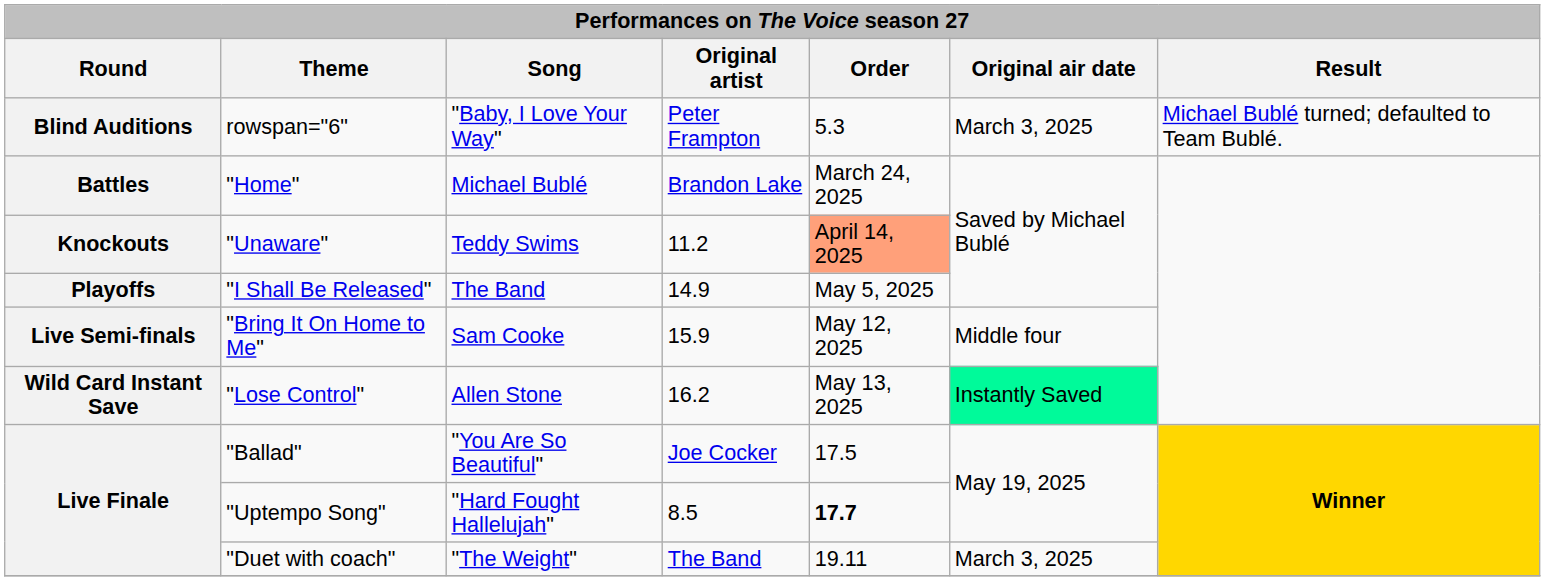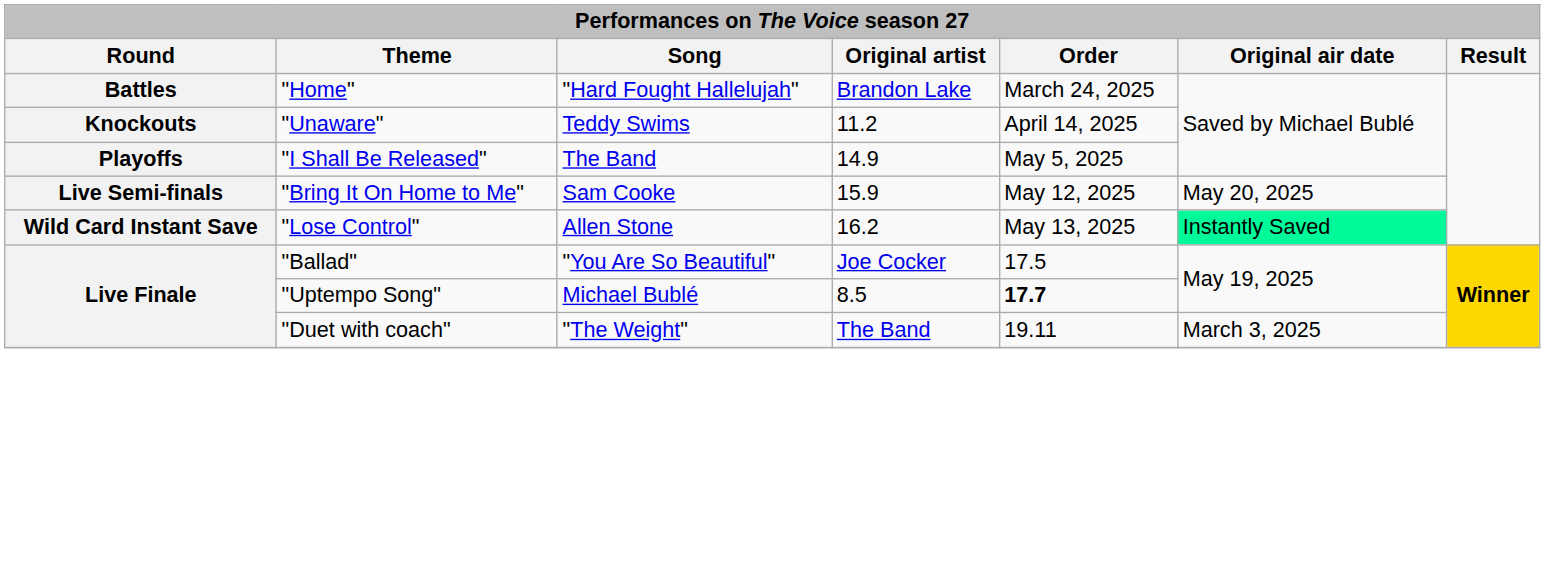 <table class="wikitable collapsible autocollapse" style="width:90%; margin:1em auto 1em auto;">
 <tr>
 <th colspan="7" style="background:#BFBFBF;">Performances on <em>The Voice</em> season 27</th>
 </tr>
 <tr>
 <th>Round</th>
 <th>Theme</th>
 <th>Song</th>
 <th>Original artist</th>
 <th>Order</th>
 <th>Original air date</th>
 <th>Result</th>
 </tr>
 <tr>
-<th scope="row">Blind Auditions</th>
-<td>rowspan="6" </td>
-<td>"<a href='#'>Baby, I Love Your Way</a>"</td>
-<td><a href='#'>Peter Frampton</a></td>
-<td>5.3</td>
-<td>March 3, 2025</td>
-<td><a href='#'>Michael Bublé</a> turned; defaulted to Team Bublé.</td>
-</tr>
-<tr>
 <th scope="row">Battles<br></th>
 <td>"<a href='#'>Home</a>" </td>
-<td><a href='#'>Michael Bublé</a></td>
+<td>"<a href='#'>Hard Fought Hallelujah</a>"</td>
 <td><a href='#'>Brandon Lake</a></td>
 <td>March 24, 2025</td>
 <td rowspan="3">Saved by Michael Bublé</td>
 </tr>
 <tr>
 <th scope="row">Knockouts<br></th>
 <td>"<a href='#'>Unaware</a>" </td>
 <td><a href='#'>Teddy Swims</a></td>
 <td>11.2</td>
-<td style="background: lightsalmon;">April 14, 2025</td>
+<td>April 14, 2025</td>
 </tr>
 <tr>
 <th scope="row">Playoffs<br></th>
 <td>"<a href='#'>I Shall Be Released</a>"</td>
 <td><a href='#'>The Band</a></td>
 <td>14.9</td>
 <td>May 5, 2025</td>
 </tr>
 <tr>
 <th scope="row">Live Semi-finals<br></th>
 <td>"<a href='#'>Bring It On Home to Me</a>"</td>
 <td><a href='#'>Sam Cooke</a></td>
 <td>15.9</td>
 <td>May 12, 2025</td>
-<td>Middle four</td>
+<td>May 20, 2025</td>
 </tr>
 <tr>
 <th scope="row">Wild Card Instant Save</th>
 <td>"<a href='#'>Lose Control</a>"</td>
 <td><a href='#'>Allen Stone</a></td>
 <td>16.2</td>
 <td>May 13, 2025</td>
 <td style="background:#00fa9a">Instantly Saved</td>
 </tr>
 <tr>
 <th rowspan=3>Live Finale<br></th>
 <td>"Ballad"</td>
 <td>"<a href='#'>You Are So Beautiful</a>"</td>
 <td><a href='#'>Joe Cocker</a></td>
 <td>17.5</td>
 <td rowspan="2">May 19, 2025</td>
 <th rowspan=3 style="background:gold;">Winner</th>
 </tr>
 <tr>
 <td>"Uptempo Song"</td>
-<td>"<a href='#'>Hard Fought Hallelujah</a>"</td>
+<td><a href='#'>Michael Bublé</a></td>
 <td>8.5</td>
 <td><strong>17.7</strong></td>
 </tr>
 <tr>
 <td>"Duet with coach"</td>
 <td>"<a href='#'>The Weight</a>" </td>
 <td><a href='#'>The Band</a></td>
 <td>19.11</td>
 <td>March 3, 2025</td>
 </tr>
 <tr>
 </tr>
 </table>
